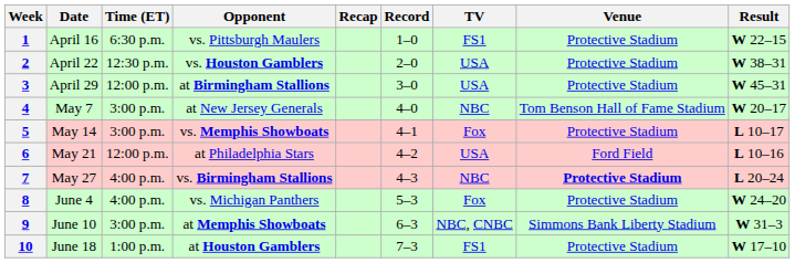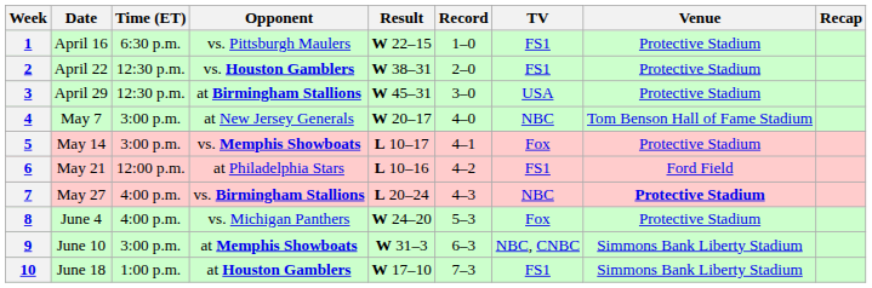 <table class="wikitable" style="text-align:center">
 <tr>
 <th>Week</th>
 <th>Date</th>
 <th>Time (ET)</th>
 <th>Opponent</th>
-<th>Recap</th>
+<th>Result</th>
 <th>Record</th>
 <th>TV</th>
 <th>Venue</th>
-<th>Result</th>
+<th>Recap</th>
 </tr>
 <tr style="background:#ccffcc">
 <th><a href='#'>1</a></th>
 <td>April 16</td>
 <td>6:30 p.m.</td>
 <td>vs. <a href='#'>Pittsburgh Maulers</a></td>
-<td></td>
+<td><strong>W</strong> 22–15</td>
 <td>1–0</td>
 <td><a href='#'>FS1</a></td>
 <td><a href='#'>Protective Stadium</a></td>
-<td><strong>W</strong> 22–15</td>
+<td></td>
 </tr>
 <tr style="background:#ccffcc">
 <th><a href='#'>2</a></th>
 <td>April 22</td>
 <td>12:30 p.m.</td>
 <td>vs. <a href='#'><strong>Houston Gamblers</strong></a></td>
+<td><strong>W</strong> 38–31</td>
+<td>2–0</td>
+<td><a href='#'>FS1</a></td>
+<td><a href='#'>Protective Stadium</a></td>
 <td></td>
-<td>2–0</td>
-<td><a href='#'>USA</a></td>
-<td><a href='#'>Protective Stadium</a></td>
-<td><strong>W</strong> 38–31</td>
 </tr>
 <tr style="background:#ccffcc">
 <th><a href='#'>3</a></th>
 <td>April 29</td>
-<td>12:00 p.m.</td>
+<td>12:30 p.m.</td>
 <td>at <a href='#'><strong>Birmingham Stallions</strong></a></td>
-<td></td>
+<td><strong>W</strong> 45–31</td>
 <td>3–0</td>
 <td><a href='#'>USA</a></td>
 <td><a href='#'>Protective Stadium</a></td>
-<td><strong>W</strong> 45–31</td>
+<td></td>
 </tr>
 <tr style="background:#ccffcc">
 <th><a href='#'>4</a></th>
 <td>May 7</td>
 <td>3:00 p.m.</td>
 <td>at <a href='#'>New Jersey Generals</a></td>
-<td></td>
+<td><strong>W</strong> 20–17</td>
 <td>4–0</td>
 <td><a href='#'>NBC</a></td>
 <td><a href='#'>Tom Benson Hall of Fame Stadium</a></td>
-<td><strong>W</strong> 20–17</td>
+<td></td>
 </tr>
 <tr style="background:#ffcccc">
 <th><a href='#'>5</a></th>
 <td>May 14</td>
 <td>3:00 p.m.</td>
 <td>vs. <a href='#'><strong>Memphis Showboats</strong></a></td>
-<td></td>
+<td><strong>L</strong> 10–17</td>
 <td>4–1</td>
 <td><a href='#'>Fox</a></td>
 <td><a href='#'>Protective Stadium</a></td>
-<td><strong>L</strong> 10–17</td>
+<td></td>
 </tr>
 <tr style="background:#ffcccc">
 <th><a href='#'>6</a></th>
 <td>May 21</td>
 <td>12:00 p.m.</td>
 <td>at <a href='#'>Philadelphia Stars</a></td>
+<td><strong>L</strong> 10–16</td>
+<td>4–2</td>
+<td><a href='#'>FS1</a></td>
+<td><a href='#'>Ford Field</a></td>
 <td></td>
-<td>4–2</td>
-<td><a href='#'>USA</a></td>
-<td><a href='#'>Ford Field</a></td>
-<td><strong>L</strong> 10–16</td>
 </tr>
 <tr style="background:#ffcccc">
 <th><a href='#'>7</a></th>
 <td>May 27</td>
 <td>4:00 p.m.</td>
 <td>vs. <a href='#'><strong>Birmingham Stallions</strong></a></td>
-<td></td>
+<td><strong>L</strong> 20–24</td>
 <td>4–3</td>
 <td><a href='#'>NBC</a></td>
 <td><strong><a href='#'>Protective Stadium</a></strong></td>
-<td><strong>L</strong> 20–24</td>
+<td></td>
 </tr>
 <tr style="background:#ccffcc">
 <th><a href='#'>8</a></th>
 <td>June 4</td>
 <td>4:00 p.m.</td>
 <td>vs. <a href='#'>Michigan Panthers</a></td>
-<td></td>
+<td><strong>W</strong> 24–20</td>
 <td>5–3</td>
 <td><a href='#'>Fox</a></td>
 <td><a href='#'>Protective Stadium</a></td>
-<td><strong>W</strong> 24–20</td>
+<td></td>
 </tr>
 <tr style="background:#ccffcc">
 <th><a href='#'>9</a></th>
 <td>June 10</td>
 <td>3:00 p.m.</td>
 <td>at <a href='#'><strong>Memphis Showboats</strong></a></td>
-<td></td>
+<td><strong>W</strong> 31–3</td>
 <td>6–3</td>
 <td><a href='#'>NBC</a>, <a href='#'>CNBC</a></td>
 <td><a href='#'>Simmons Bank Liberty Stadium</a></td>
-<td><strong>W</strong> 31–3</td>
+<td></td>
 </tr>
 <tr style="background:#ccffcc">
 <th><a href='#'>10</a></th>
 <td>June 18</td>
 <td>1:00 p.m.</td>
 <td>at <a href='#'><strong>Houston Gamblers</strong></a></td>
-<td></td>
+<td><strong>W</strong> 17–10</td>
 <td>7–3</td>
 <td><a href='#'>FS1</a></td>
-<td><a href='#'>Protective Stadium</a></td>
-<td><strong>W</strong> 17–10</td>
+<td><a href='#'>Simmons Bank Liberty Stadium</a></td>
+<td></td>
 </tr>
 </table>
